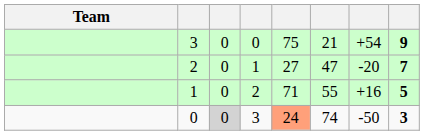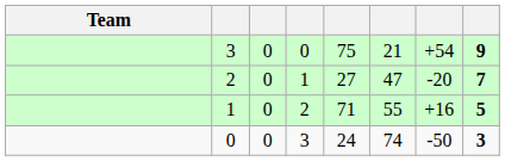 <table class="wikitable" style="text-align:center;">
 <tr>
 <th style="width:10.5em;">Team</th>
 <th style="width:1.5em;"></th>
 <th style="width:1.5em;"></th>
 <th style="width:1.5em;"></th>
 <th style="width:2.0em;"></th>
 <th style="width:2.0em;"></th>
 <th style="width:2.0em;"></th>
 <th style="width:1.5em;"></th>
 </tr>
 <tr bgcolor="#cfc">
 <td align="left"></td>
 <td>3</td>
 <td>0</td>
 <td>0</td>
 <td>75</td>
 <td>21</td>
 <td>+54</td>
 <td><strong>9</strong></td>
 </tr>
 <tr bgcolor="#cfc">
 <td align="left"></td>
 <td>2</td>
 <td>0</td>
 <td>1</td>
 <td>27</td>
 <td>47</td>
 <td>-20</td>
 <td><strong>7</strong></td>
 </tr>
 <tr bgcolor="#cfc">
 <td align="left"></td>
 <td>1</td>
 <td>0</td>
 <td>2</td>
 <td>71</td>
 <td>55</td>
 <td>+16</td>
 <td><strong>5</strong></td>
 </tr>
 <tr>
 <td align="left"></td>
 <td>0</td>
-<td style="background: lightgrey;">0</td>
+<td>0</td>
 <td>3</td>
-<td style="background: lightsalmon;">24</td>
+<td>24</td>
 <td>74</td>
 <td>-50</td>
 <td><strong>3</strong></td>
 </tr>
 </table>
